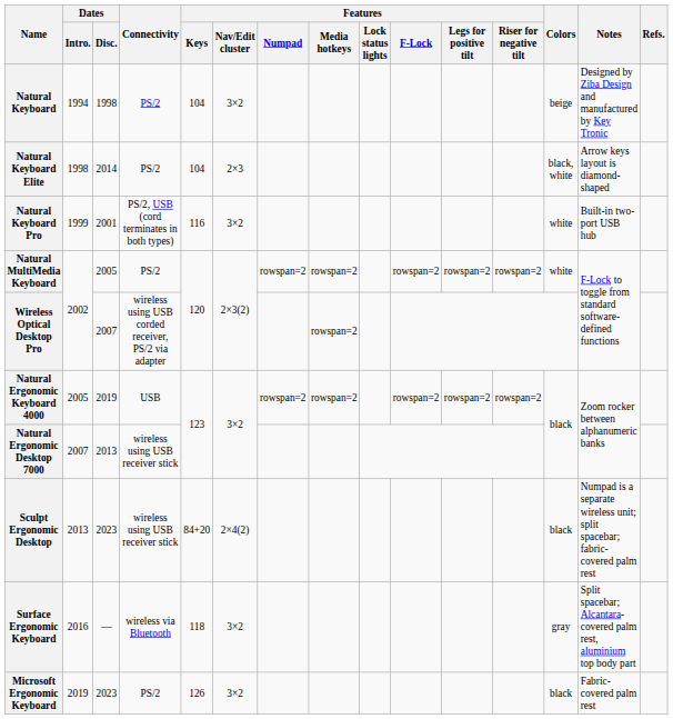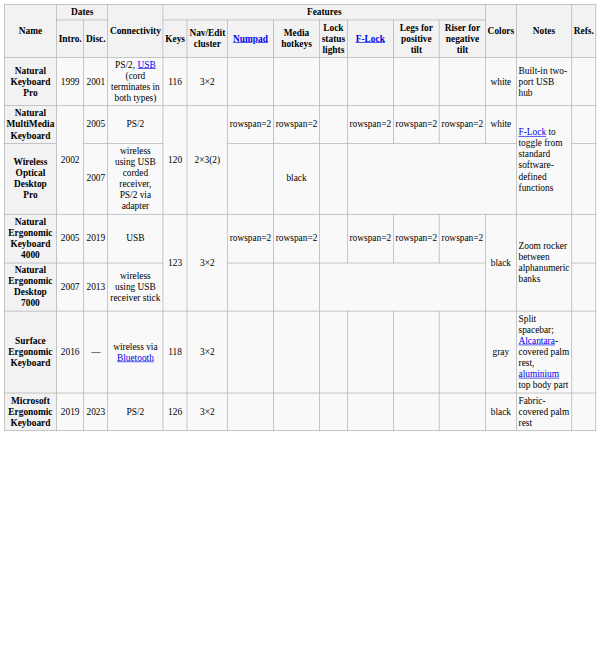 <table class="wikitable sortable" style="font-size:90%;text-align:center;">
 <tr>
 <th rowspan=2>Name</th>
 <th colspan=2>Dates</th>
 <th rowspan=2>Connectivity</th>
 <th colspan=8>Features</th>
 <th rowspan=2>Colors</th>
 <th rowspan=2 class="unsortable">Notes</th>
 <th rowspan=2 class="unsortable">Refs.</th>
 </tr>
 <tr>
 <th>Intro.</th>
 <th>Disc.</th>
 <th>Keys</th>
 <th>Nav/Edit cluster</th>
 <th><a href='#'>Numpad</a></th>
 <th>Media hotkeys</th>
 <th>Lock status lights</th>
 <th><a href='#'>F-Lock</a></th>
 <th>Legs for positive tilt</th>
 <th>Riser for negative tilt</th>
-</tr>
-<tr>
-<th>Natural Keyboard</th>
-<td>1994</td>
-<td>1998</td>
-<td><a href='#'>PS/2</a></td>
-<td>104</td>
-<td>3×2</td>
-<td></td>
-<td></td>
-<td></td>
-<td></td>
-<td></td>
-<td></td>
-<td>beige</td>
-<td style="text-align:left;">Designed by <a href='#'>Ziba Design</a> and manufactured by <a href='#'>Key Tronic</a></td>
-<td></td>
-</tr>
-<tr>
-<th>Natural Keyboard Elite</th>
-<td>1998</td>
-<td>2014</td>
-<td>PS/2</td>
-<td>104</td>
-<td>2×3</td>
-<td></td>
-<td></td>
-<td></td>
-<td></td>
-<td></td>
-<td></td>
-<td>black, white</td>
-<td style="text-align:left;">Arrow keys layout is diamond-shaped</td>
-<td></td>
 </tr>
 <tr>
 <th>Natural Keyboard Pro</th>
 <td>1999</td>
 <td>2001</td>
 <td>PS/2, <a href='#'>USB</a> (cord terminates in both types)</td>
 <td>116</td>
 <td>3×2</td>
 <td></td>
 <td></td>
 <td></td>
 <td></td>
 <td></td>
 <td></td>
 <td>white</td>
 <td style="text-align:left;">Built-in two-port USB hub</td>
 <td></td>
 </tr>
 <tr>
 <th>Natural MultiMedia Keyboard</th>
 <td rowspan=2>2002</td>
 <td>2005</td>
 <td>PS/2</td>
 <td rowspan=2>120</td>
 <td rowspan=2>2×3(2)</td>
 <td>rowspan=2 </td>
 <td>rowspan=2 </td>
 <td></td>
 <td>rowspan=2 </td>
 <td>rowspan=2 </td>
 <td>rowspan=2 </td>
 <td>white</td>
 <td rowspan=2 style="text-align:left;"><a href='#'>F-Lock</a> to toggle from standard software-defined  functions</td>
 <td></td>
 </tr>
 <tr>
 <th>Wireless Optical Desktop Pro</th>
 <td>2007</td>
 <td>wireless using USB corded receiver, PS/2 via adapter</td>
 <td></td>
-<td>rowspan=2 </td>
+<td>black</td>
 <td></td>
 </tr>
 <tr>
 <th>Natural Ergonomic Keyboard 4000</th>
 <td>2005</td>
 <td>2019</td>
 <td>USB</td>
 <td rowspan=2>123</td>
 <td rowspan=2>3×2</td>
 <td>rowspan=2 </td>
 <td>rowspan=2 </td>
 <td></td>
 <td>rowspan=2 </td>
 <td>rowspan=2 </td>
 <td>rowspan=2 </td>
 <td rowspan=2>black</td>
 <td rowspan=2 style="text-align:left;">Zoom rocker between alphanumeric banks</td>
 <td></td>
 </tr>
 <tr>
 <th>Natural Ergonomic Desktop 7000</th>
 <td>2007</td>
 <td>2013</td>
 <td>wireless using USB receiver stick</td>
 <td></td>
-<td></td>
-</tr>
-<tr>
-<th>Sculpt Ergonomic Desktop</th>
-<td>2013</td>
-<td>2023</td>
-<td>wireless using USB receiver stick</td>
-<td>84+20</td>
-<td>2×4(2)</td>
-<td></td>
-<td></td>
-<td></td>
-<td></td>
-<td></td>
-<td></td>
-<td>black</td>
-<td style="text-align:left;">Numpad is a separate wireless unit; split spacebar; fabric-covered palm rest</td>
 <td></td>
 </tr>
 <tr>
 <th>Surface Ergonomic Keyboard</th>
 <td>2016</td>
 <td>—</td>
 <td>wireless via <a href='#'>Bluetooth</a></td>
 <td>118</td>
 <td>3×2</td>
 <td></td>
 <td></td>
 <td></td>
 <td></td>
 <td></td>
 <td></td>
 <td>gray</td>
 <td style="text-align:left;">Split spacebar; <a href='#'>Alcantara</a>-covered palm rest, <a href='#'>aluminium</a> top body part</td>
 <td></td>
 </tr>
 <tr>
 <th>Microsoft Ergonomic Keyboard</th>
 <td>2019</td>
 <td>2023</td>
 <td>PS/2</td>
 <td>126</td>
 <td>3×2</td>
 <td></td>
 <td></td>
 <td></td>
 <td></td>
 <td></td>
 <td></td>
 <td>black</td>
 <td style="text-align:left;">Fabric-covered palm rest</td>
 <td></td>
 </tr>
 </table>
